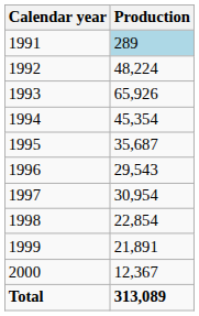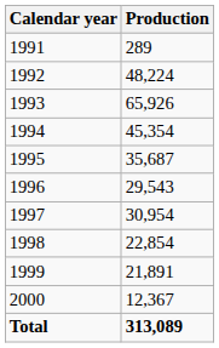 <table class="wikitable">
 <tr>
 <th>Calendar year</th>
 <th>Production</th>
 </tr>
 <tr>
 <td>1991</td>
-<td style="background: lightblue;">289</td>
+<td>289</td>
 </tr>
 <tr>
 <td>1992</td>
 <td>48,224</td>
 </tr>
 <tr>
 <td>1993</td>
 <td>65,926</td>
 </tr>
 <tr>
 <td>1994</td>
 <td>45,354</td>
 </tr>
 <tr>
 <td>1995</td>
 <td>35,687</td>
 </tr>
 <tr>
 <td>1996</td>
 <td>29,543</td>
 </tr>
 <tr>
 <td>1997</td>
 <td>30,954</td>
 </tr>
 <tr>
 <td>1998</td>
 <td>22,854</td>
 </tr>
 <tr>
 <td>1999</td>
 <td>21,891</td>
 </tr>
 <tr>
 <td>2000</td>
 <td>12,367</td>
 </tr>
 <tr>
 <td><strong>Total</strong></td>
 <td><strong>313,089</strong></td>
 </tr>
 </table>
